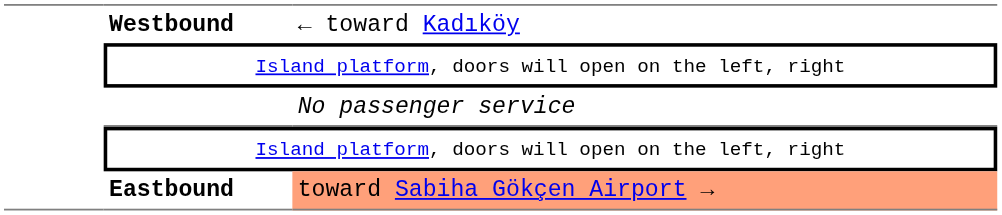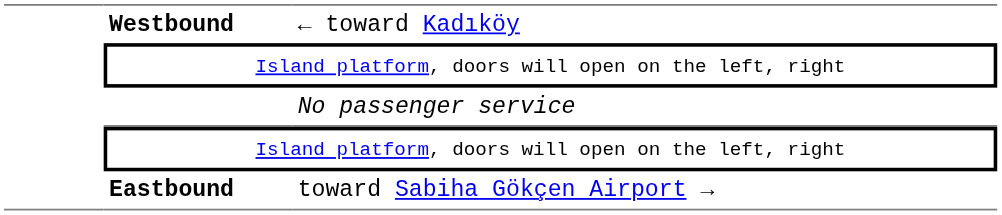 <table cellspacing="0" cellpadding="3">
 <tr>
 <td style="border-bottom:solid 1px gray;border-top:solid 1px gray;vertical-align:top;" width=50 rowspan=5></td>
 <td style="border-top:solid 1px gray;" width=100><strong>Westbound</strong></td>
 <td style="border-top:solid 1px gray;" width=390>←  toward <a href='#'>Kadıköy</a></td>
 </tr>
 <tr>
 <td style="border-top:solid 2px black;border-right:solid 2px black;border-left:solid 2px black;border-bottom:solid 2px black;text-align:center;" colspan=2><small><a href='#'>Island platform</a>, doors will open on the left, right </small></td>
 </tr>
 <tr>
 <td style="border-bottom:solid 1px gray;"></td>
 <td style="border-bottom:solid 1px gray;"><em>No passenger service</em></td>
 </tr>
 <tr>
 <td style="border-top:solid 2px black;border-right:solid 2px black;border-left:solid 2px black;border-bottom:solid 2px black;text-align:center;" colspan=2><small><a href='#'>Island platform</a>, doors will open on the left, right </small></td>
 </tr>
 <tr>
 <td style="border-bottom:solid 1px gray;"><strong>Eastbound</strong></td>
-<td style="background: lightsalmon; border-bottom:solid 1px gray;"> toward <a href='#'>Sabiha Gökçen Airport</a> →</td>
+<td style="border-bottom:solid 1px gray;"> toward <a href='#'>Sabiha Gökçen Airport</a> →</td>
 </tr>
 </table>
